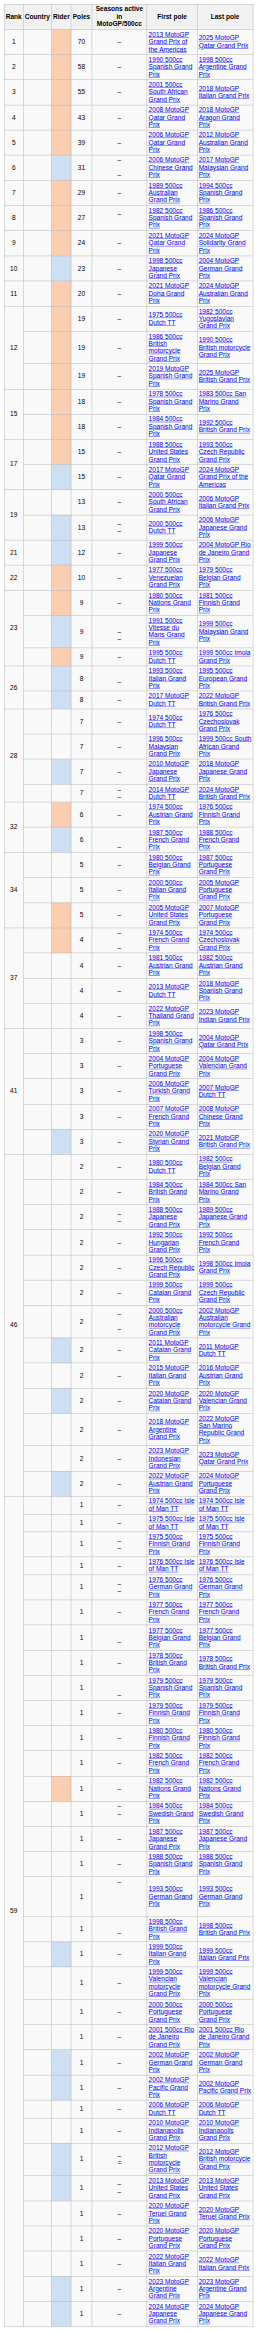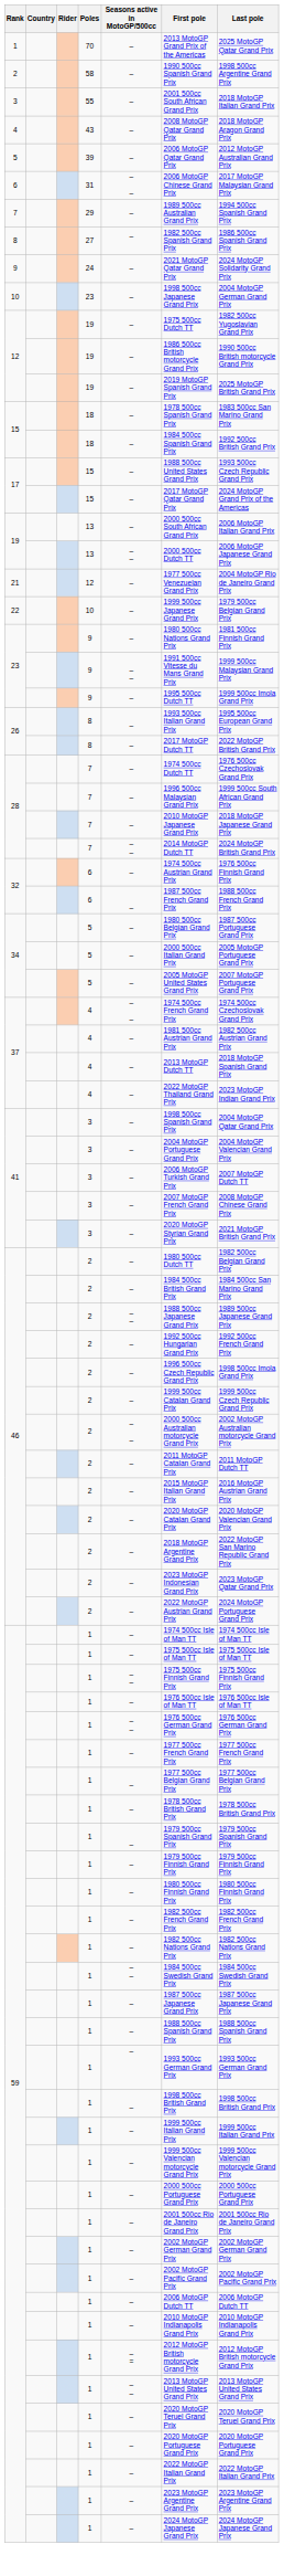 <table class="sortable plainrowheaders wikitable">
 <tr>
 <th scope=col>Rank</th>
 <th scope=col>Country</th>
 <th scope=col>Rider</th>
 <th scope=col>Poles</th>
 <th scope=col>Seasons active in MotoGP/500cc</th>
 <th scope=col>First pole</th>
 <th scope=col>Last pole</th>
 </tr>
 <tr>
 <td align=center>1</td>
 <td></td>
 <td style=background:#FBCEB1><strong></strong></td>
 <td align=center>70</td>
 <td align=center>–</td>
 <td data-sort-value="201302"><a href='#'>2013 MotoGP Grand Prix of the Americas</a></td>
 <td data-sort-value="202504"><a href='#'>2025 MotoGP Qatar Grand Prix</a></td>
 </tr>
 <tr>
 <td align=center>2</td>
 <td></td>
 <td style=background:#FBCEB1></td>
 <td align=center>58</td>
 <td align=center>–</td>
 <td data-sort-value="199003"><a href='#'>1990 500cc Spanish Grand Prix</a></td>
 <td data-sort-value="199814"><a href='#'>1998 500cc Argentine Grand Prix</a></td>
 </tr>
 <tr>
 <td align=center>3</td>
 <td></td>
 <td style=background:#FBCEB1></td>
 <td align=center>55</td>
 <td align=center>–</td>
 <td data-sort-value="200102"><a href='#'>2001 500cc South African Grand Prix</a></td>
 <td data-sort-value="201806"><a href='#'>2018 MotoGP Italian Grand Prix</a></td>
 </tr>
 <tr>
 <td align=center>4</td>
 <td></td>
 <td style=background:#FBCEB1></td>
 <td align=center>43</td>
 <td align=center>–</td>
 <td data-sort-value="200801"><a href='#'>2008 MotoGP Qatar Grand Prix</a></td>
 <td data-sort-value="201814"><a href='#'>2018 MotoGP Aragon Grand Prix</a></td>
 </tr>
 <tr>
 <td align=center>5</td>
 <td></td>
 <td style=background:#FBCEB1></td>
 <td align=center>39</td>
 <td align=center>–</td>
 <td data-sort-value="200602"><a href='#'>2006 MotoGP Qatar Grand Prix</a></td>
 <td data-sort-value="201217"><a href='#'>2012 MotoGP Australian Grand Prix</a></td>
 </tr>
 <tr>
 <td align=center>6</td>
 <td></td>
 <td style=background:#CEDFF2></td>
 <td align=center>31</td>
 <td align=center>–<br><br>–</td>
 <td data-sort-value="200604"><a href='#'>2006 MotoGP Chinese Grand Prix</a></td>
 <td data-sort-value="201717"><a href='#'>2017 MotoGP Malaysian Grand Prix</a></td>
 </tr>
 <tr>
 <td align=center>7</td>
 <td></td>
 <td style=background:#FBCEB1></td>
 <td align=center>29</td>
 <td align=center>–</td>
 <td data-sort-value="198902"><a href='#'>1989 500cc Australian Grand Prix</a></td>
 <td data-sort-value="199404"><a href='#'>1994 500cc Spanish Grand Prix</a></td>
 </tr>
 <tr>
 <td align=center>8</td>
 <td></td>
 <td style=background:#FBCEB1></td>
 <td align=center>27</td>
 <td align=center>–<br><br></td>
 <td data-sort-value="198204"><a href='#'>1982 500cc Spanish Grand Prix</a></td>
 <td data-sort-value="198601"><a href='#'>1986 500cc Spanish Grand Prix</a></td>
 </tr>
 <tr>
 <td align=center>9</td>
 <td></td>
 <td style=background:#FBCEB1><strong></strong></td>
 <td align=center>24</td>
 <td align=center>–</td>
 <td data-sort-value="202101"><a href='#'>2021 MotoGP Qatar Grand Prix</a></td>
 <td data-sort-value="202420"><a href='#'>2024 MotoGP Solidarity Grand Prix</a></td>
 </tr>
 <tr>
 <td align=center>10</td>
 <td></td>
 <td style=background:#CEDFF2></td>
 <td align=center>23</td>
 <td align=center>–</td>
 <td data-sort-value="199801"><a href='#'>1998 500cc Japanese Grand Prix</a></td>
 <td data-sort-value="200408"><a href='#'>2004 MotoGP German Grand Prix</a></td>
 </tr>
 <tr>
-<td align=center>11</td>
-<td></td>
-<td style=background:#FBCEB1><strong></strong></td>
-<td align=center>20</td>
-<td align=center>–</td>
-<td data-sort-value="202102"><a href='#'>2021 MotoGP Doha Grand Prix</a></td>
-<td data-sort-value="202417"><a href='#'>2024 MotoGP Australian Grand Prix</a></td>
-</tr>
-<tr>
 <td rowspan=3 align="center">12</td>
 <td></td>
 <td style=background:#FBCEB1></td>
 <td align=center>19</td>
 <td align=center>–</td>
 <td data-sort-value="197506"><a href='#'>1975 500cc Dutch TT</a></td>
 <td data-sort-value="198208"><a href='#'>1982 500cc Yugoslavian Grand Prix</a></td>
 </tr>
 <tr>
 <td></td>
 <td style=background:#FBCEB1></td>
 <td align=center>19</td>
 <td align=center>–</td>
 <td data-sort-value="198609"><a href='#'>1986 500cc British motorcycle Grand Prix</a></td>
 <td data-sort-value="199011"><a href='#'>1990 500cc British motorcycle Grand Prix</a></td>
 </tr>
 <tr>
 <td></td>
 <td style=background:#FBCEB1><strong></strong></td>
 <td align=center>19</td>
 <td align=center>–</td>
 <td data-sort-value="201904"><a href='#'>2019 MotoGP Spanish Grand Prix</a></td>
 <td data-sort-value="202507"><a href='#'>2025 MotoGP British Grand Prix</a></td>
 </tr>
 <tr>
 <td rowspan=2 align="center">15</td>
 <td></td>
 <td style=background:#FBCEB1></td>
 <td align=center>18</td>
 <td align=center>–</td>
 <td data-sort-value="197802"><a href='#'>1978 500cc Spanish Grand Prix</a></td>
 <td data-sort-value="198312"><a href='#'>1983 500cc San Marino Grand Prix</a></td>
 </tr>
 <tr>
 <td></td>
 <td style=background:#FBCEB1></td>
 <td align=center>18</td>
 <td align=center>–</td>
 <td data-sort-value="198403"><a href='#'>1984 500cc Spanish Grand Prix</a></td>
 <td data-sort-value="199211"><a href='#'>1992 500cc British Grand Prix</a></td>
 </tr>
 <tr>
 <td rowspan=2 align=center>17</td>
 <td></td>
 <td style=background:#FBCEB1></td>
 <td align=center>15</td>
 <td align=center>–</td>
 <td data-sort-value="198802"><a href='#'>1988 500cc United States Grand Prix</a></td>
 <td data-sort-value="199311"><a href='#'>1993 500cc Czech Republic Grand Prix</a></td>
 </tr>
 <tr>
 <td></td>
 <td style=background:#CEDFF2><strong></strong></td>
 <td align=center>15</td>
 <td align=center>–</td>
 <td data-sort-value="201701"><a href='#'>2017 MotoGP Qatar Grand Prix</a></td>
 <td data-sort-value="202403"><a href='#'>2024 MotoGP Grand Prix of the Americas</a></td>
 </tr>
 <tr>
 <td rowspan="2" align="center">19</td>
 <td></td>
 <td></td>
 <td align=center>13</td>
 <td align=center>–<br></td>
 <td data-sort-value="200001"><a href='#'>2000 500cc South African Grand Prix</a></td>
 <td data-sort-value="200606"><a href='#'>2006 MotoGP Italian Grand Prix</a></td>
 </tr>
 <tr>
 <td></td>
 <td style=background:#CEDFF2></td>
 <td align=center>13</td>
 <td align=center>–<br>–</td>
 <td data-sort-value="200008"><a href='#'>2000 500cc Dutch TT</a></td>
 <td data-sort-value="200615"><a href='#'>2006 MotoGP Japanese Grand Prix</a></td>
 </tr>
 <tr>
 <td align=center>21</td>
 <td></td>
 <td style=background:#CEDFF2></td>
 <td align=center>12</td>
 <td align=center>–</td>
-<td data-sort-value="199902"><a href='#'>1999 500cc Japanese Grand Prix</a></td>
+<td data-sort-value="197701"><a href='#'>1977 500cc Venezuelan Grand Prix</a></td>
 <td data-sort-value="200407"><a href='#'>2004 MotoGP Rio de Janeiro Grand Prix</a></td>
 </tr>
 <tr>
 <td align=center>22</td>
 <td></td>
 <td style=background:#FBCEB1></td>
 <td align=center>10</td>
 <td align=center>–</td>
-<td data-sort-value="197701"><a href='#'>1977 500cc Venezuelan Grand Prix</a></td>
+<td data-sort-value="199902"><a href='#'>1999 500cc Japanese Grand Prix</a></td>
 <td data-sort-value="197908"><a href='#'>1979 500cc Belgian Grand Prix</a></td>
 </tr>
 <tr>
 <td rowspan="3" align="center">23</td>
 <td></td>
 <td style=background:#FBCEB1></td>
 <td align=center>9</td>
 <td align=center>–</td>
 <td data-sort-value="198001"><a href='#'>1980 500cc Nations Grand Prix</a></td>
 <td data-sort-value="198110"><a href='#'>1981 500cc Finnish Grand Prix</a></td>
 </tr>
 <tr>
 <td></td>
 <td style=background:#CEDFF2></td>
 <td align=center>9</td>
 <td align=center><br>–<br>–</td>
 <td data-sort-value="199114"><a href='#'>1991 500cc Vitesse du Mans Grand Prix</a></td>
 <td data-sort-value="199901"><a href='#'>1999 500cc Malaysian Grand Prix</a></td>
 </tr>
 <tr>
 <td></td>
 <td style=background:#FBCEB1></td>
 <td align=center>9</td>
 <td align=center>–</td>
 <td data-sort-value="199507"><a href='#'>1995 500cc Dutch TT</a></td>
 <td data-sort-value="199911"><a href='#'>1999 500cc Imola Grand Prix</a></td>
 </tr>
 <tr>
 <td rowspan=2 align=center>26</td>
 <td></td>
 <td style=background:#CEDFF2></td>
 <td align=center>8</td>
 <td align=center><br>–</td>
 <td data-sort-value="199312"><a href='#'>1993 500cc Italian Grand Prix</a></td>
 <td data-sort-value="199513"><a href='#'>1995 500cc European Grand Prix</a></td>
 </tr>
 <tr>
 <td></td>
 <td style=background:#CEDFF2><strong></strong></td>
 <td align=center>8</td>
 <td align=center>–</td>
 <td data-sort-value="201708"><a href='#'>2017 MotoGP Dutch TT</a></td>
 <td data-sort-value="202212"><a href='#'>2022 MotoGP British Grand Prix</a></td>
 </tr>
 <tr>
 <td rowspan="4" align="center">28</td>
 <td></td>
 <td></td>
 <td align=center>7</td>
 <td align=center>–</td>
 <td data-sort-value="197406"><a href='#'>1974 500cc Dutch TT</a></td>
 <td data-sort-value="197609"><a href='#'>1976 500cc Czechoslovak Grand Prix</a></td>
 </tr>
 <tr>
 <td></td>
 <td></td>
 <td align=center>7</td>
 <td align=center>–<br></td>
 <td data-sort-value="199601"><a href='#'>1996 500cc Malaysian Grand Prix</a></td>
 <td data-sort-value="199914"><a href='#'>1999 500cc South African Grand Prix</a></td>
 </tr>
 <tr>
 <td></td>
 <td style=background:#CEDFF2></td>
 <td align=center>7</td>
 <td align=center>–</td>
 <td data-sort-value="201014"><a href='#'>2010 MotoGP Japanese Grand Prix</a></td>
 <td data-sort-value="201816"><a href='#'>2018 MotoGP Japanese Grand Prix</a></td>
 </tr>
 <tr>
 <td></td>
 <td></td>
 <td align=center>7</td>
 <td align=center>–<br>–</td>
 <td data-sort-value="201408"><a href='#'>2014 MotoGP Dutch TT</a></td>
 <td data-sort-value="202410"><a href='#'>2024 MotoGP British Grand Prix</a></td>
 </tr>
 <tr>
 <td rowspan="2" align="center">32</td>
 <td></td>
 <td style=background:#FBCEB1></td>
 <td align=center>6</td>
 <td align=center>–</td>
 <td data-sort-value="197402"><a href='#'>1974 500cc Austrian Grand Prix</a></td>
 <td data-sort-value="197606"><a href='#'>1976 500cc Finnish Grand Prix</a></td>
 </tr>
 <tr>
 <td></td>
 <td style=background:#CEDFF2></td>
 <td align=center>6</td>
 <td align=center><br><br>–</td>
 <td data-sort-value="198708"><a href='#'>1987 500cc French Grand Prix</a></td>
 <td data-sort-value="198811"><a href='#'>1988 500cc French Grand Prix</a></td>
 </tr>
 <tr>
 <td rowspan="3" align="center">34</td>
 <td></td>
 <td></td>
 <td align=center>5</td>
 <td align=center>–<br></td>
 <td data-sort-value="198005"><a href='#'>1980 500cc Belgian Grand Prix</a></td>
 <td data-sort-value="198713"><a href='#'>1987 500cc Portuguese Grand Prix</a></td>
 </tr>
 <tr>
 <td></td>
 <td></td>
 <td align=center>5</td>
 <td align=center>–<br></td>
 <td data-sort-value="200006"><a href='#'>2000 500cc Italian Grand Prix</a></td>
 <td data-sort-value="200502"><a href='#'>2005 MotoGP Portuguese Grand Prix</a></td>
 </tr>
 <tr>
 <td></td>
 <td style=background:#FBCEB1></td>
 <td align=center>5</td>
 <td align=center>–</td>
 <td data-sort-value="200508"><a href='#'>2005 MotoGP United States Grand Prix</a></td>
 <td data-sort-value="200714"><a href='#'>2007 MotoGP Portuguese Grand Prix</a></td>
 </tr>
 <tr>
 <td rowspan="4" align="center">37</td>
 <td></td>
 <td style=background:#FBCEB1></td>
 <td align=center>4</td>
 <td align=center>–<br><br>–</td>
 <td data-sort-value="197401"><a href='#'>1974 500cc French Grand Prix</a></td>
 <td data-sort-value="197410"><a href='#'>1974 500cc Czechoslovak Grand Prix</a></td>
 </tr>
 <tr>
 <td></td>
 <td></td>
 <td align=center>4</td>
 <td align=center>–</td>
 <td data-sort-value="198101"><a href='#'>1981 500cc Austrian Grand Prix</a></td>
 <td data-sort-value="198202"><a href='#'>1982 500cc Austrian Grand Prix</a></td>
 </tr>
 <tr>
 <td></td>
 <td></td>
 <td align=center>4</td>
 <td align=center>–</td>
 <td data-sort-value="201307"><a href='#'>2013 MotoGP Dutch TT</a></td>
 <td data-sort-value="201804"><a href='#'>2018 MotoGP Spanish Grand Prix</a></td>
 </tr>
 <tr>
 <td></td>
 <td><strong></strong></td>
 <td align=center>4</td>
 <td align=center>–</td>
 <td data-sort-value="202217"><a href='#'>2022 MotoGP Thailand Grand Prix</a></td>
 <td data-sort-value="202313"><a href='#'>2023 MotoGP Indian Grand Prix</a></td>
 </tr>
 <tr>
 <td rowspan="5" align="center">41</td>
 <td></td>
 <td></td>
 <td align=center>3</td>
 <td align=center>–<br></td>
 <td data-sort-value="199803"><a href='#'>1998 500cc Spanish Grand Prix</a></td>
 <td data-sort-value="200413"><a href='#'>2004 MotoGP Qatar Grand Prix</a></td>
 </tr>
 <tr>
 <td></td>
 <td></td>
 <td align=center>3</td>
 <td align=center>–</td>
 <td data-sort-value="200411"><a href='#'>2004 MotoGP Portuguese Grand Prix</a></td>
 <td data-sort-value="200416"><a href='#'>2004 MotoGP Valencian Grand Prix</a></td>
 </tr>
 <tr>
 <td></td>
 <td></td>
 <td align=center>3</td>
 <td align=center>–<br></td>
 <td data-sort-value="200603"><a href='#'>2006 MotoGP Turkish Grand Prix</a></td>
 <td data-sort-value="200709"><a href='#'>2007 MotoGP Dutch TT</a></td>
 </tr>
 <tr>
 <td></td>
 <td></td>
 <td align=center>3</td>
 <td align=center>–</td>
 <td data-sort-value="200705"><a href='#'>2007 MotoGP French Grand Prix</a></td>
 <td data-sort-value="200804"><a href='#'>2008 MotoGP Chinese Grand Prix</a></td>
 </tr>
 <tr>
 <td></td>
 <td style=background:#CEDFF2></td>
 <td align=center>3</td>
 <td align=center>–</td>
 <td data-sort-value="202005"><a href='#'>2020 MotoGP Styrian Grand Prix</a></td>
 <td data-sort-value="202112"><a href='#'>2021 MotoGP British Grand Prix</a></td>
 </tr>
 <tr>
 <td rowspan="13" align="center">46</td>
 <td></td>
 <td></td>
 <td align=center>2</td>
 <td align=center>–</td>
 <td data-sort-value="198004"><a href='#'>1980 500cc Dutch TT</a></td>
 <td data-sort-value="198207"><a href='#'>1982 500cc Belgian Grand Prix</a></td>
 </tr>
 <tr>
 <td></td>
 <td></td>
 <td align=center>2</td>
 <td align=center>–</td>
 <td data-sort-value="198410"><a href='#'>1984 500cc British Grand Prix</a></td>
 <td data-sort-value="198412"><a href='#'>1984 500cc San Marino Grand Prix</a></td>
 </tr>
 <tr>
 <td></td>
 <td></td>
 <td align=center>2</td>
 <td align=center>–<br>–</td>
 <td data-sort-value="198801"><a href='#'>1988 500cc Japanese Grand Prix</a></td>
 <td data-sort-value="198901"><a href='#'>1989 500cc Japanese Grand Prix</a></td>
 </tr>
 <tr>
 <td></td>
 <td></td>
 <td align=center>2</td>
 <td align=center>–</td>
 <td data-sort-value="199209"><a href='#'>1992 500cc Hungarian Grand Prix</a></td>
 <td data-sort-value="199210"><a href='#'>1992 500cc French Grand Prix</a></td>
 </tr>
 <tr>
 <td></td>
 <td></td>
 <td align=center>2</td>
 <td align=center>–<br></td>
 <td data-sort-value="199611"><a href='#'>1996 500cc Czech Republic Grand Prix</a></td>
 <td data-sort-value="199811"><a href='#'>1998 500cc Imola Grand Prix</a></td>
 </tr>
 <tr>
 <td></td>
 <td nowrap></td>
 <td align=center>2</td>
 <td align=center>–<br></td>
 <td data-sort-value="199906"><a href='#'>1999 500cc Catalan Grand Prix</a></td>
 <td data-sort-value="199910"><a href='#'>1999 500cc Czech Republic Grand Prix</a></td>
 </tr>
 <tr>
 <td></td>
 <td></td>
 <td align=center>2</td>
 <td align=center>–<br><br>–<br></td>
 <td data-sort-value="200016"><a href='#'>2000 500cc Australian motorcycle Grand Prix</a></td>
 <td data-sort-value="200215"><a href='#'>2002 MotoGP Australian motorcycle Grand Prix</a></td>
 </tr>
 <tr>
 <td></td>
 <td style=background:#CEDFF2></td>
 <td align=center>2</td>
 <td align=center>–</td>
 <td data-sort-value="201105"><a href='#'>2011 MotoGP Catalan Grand Prix</a></td>
 <td data-sort-value="201107"><a href='#'>2011 MotoGP Dutch TT</a></td>
 </tr>
 <tr>
 <td></td>
 <td></td>
 <td align=center>2</td>
 <td align=center>–</td>
 <td data-sort-value="201506"><a href='#'>2015 MotoGP Italian Grand Prix</a></td>
 <td data-sort-value="201610"><a href='#'>2016 MotoGP Austrian Grand Prix</a></td>
 </tr>
 <tr>
 <td></td>
 <td style=background:#CEDFF2><strong></strong></td>
 <td align=center>2</td>
 <td align=center>–</td>
 <td data-sort-value="202008"><a href='#'>2020 MotoGP Catalan Grand Prix</a></td>
 <td data-sort-value="202013"><a href='#'>2020 MotoGP Valencian Grand Prix</a></td>
 </tr>
 <tr>
 <td></td>
 <td><strong></strong></td>
 <td align=center>2</td>
 <td align=center>–</td>
 <td data-sort-value="201802"><a href='#'>2018 MotoGP Argentine Grand Prix</a></td>
 <td data-sort-value="202214"><a href='#'>2022 MotoGP San Marino Republic Grand Prix</a></td>
 </tr>
 <tr>
 <td></td>
 <td><strong></strong></td>
 <td align=center>2</td>
 <td align=center>–</td>
 <td data-sort-value="202315"><a href='#'>2023 MotoGP Indonesian Grand Prix</a></td>
 <td data-sort-value="202319"><a href='#'>2023 MotoGP Qatar Grand Prix</a></td>
 </tr>
 <tr>
 <td></td>
 <td style=background:#CEDFF2><strong></strong></td>
 <td align=center>2</td>
 <td align=center>–</td>
 <td data-sort-value="202213"><a href='#'>2022 MotoGP Austrian Grand Prix</a></td>
 <td data-sort-value="202402"><a href='#'>2024 MotoGP Portuguese Grand Prix</a></td>
 </tr>
 <tr>
 <td rowspan=33 align="center">59</td>
 <td></td>
 <td></td>
 <td align=center>1</td>
 <td align=center>–</td>
 <td data-sort-value="197405"><a href='#'>1974 500cc Isle of Man TT</a></td>
 <td data-sort-value="197405"><a href='#'>1974 500cc Isle of Man TT</a></td>
 </tr>
 <tr>
 <td></td>
 <td></td>
 <td align=center>1</td>
 <td align=center>–</td>
 <td data-sort-value="197505"><a href='#'>1975 500cc Isle of Man TT</a></td>
 <td data-sort-value="197505"><a href='#'>1975 500cc Isle of Man TT</a></td>
 </tr>
 <tr>
 <td></td>
 <td></td>
 <td align=center>1</td>
 <td align=center>–<br>–<br></td>
 <td data-sort-value="197509"><a href='#'>1975 500cc Finnish Grand Prix</a></td>
 <td data-sort-value="197509"><a href='#'>1975 500cc Finnish Grand Prix</a></td>
 </tr>
 <tr>
 <td></td>
 <td></td>
 <td align=center>1</td>
 <td align=center>–</td>
 <td data-sort-value="197604"><a href='#'>1976 500cc Isle of Man TT</a></td>
 <td data-sort-value="197604"><a href='#'>1976 500cc Isle of Man TT</a></td>
 </tr>
 <tr>
 <td></td>
 <td></td>
 <td align=center>1</td>
 <td align=center>–<br>–</td>
 <td data-sort-value="197610"><a href='#'>1976 500cc German Grand Prix</a></td>
 <td data-sort-value="197610"><a href='#'>1976 500cc German Grand Prix</a></td>
 </tr>
 <tr>
 <td></td>
 <td></td>
 <td align=center>1</td>
 <td align=center>–</td>
 <td data-sort-value="197705"><a href='#'>1977 500cc French Grand Prix</a></td>
 <td data-sort-value="197705"><a href='#'>1977 500cc French Grand Prix</a></td>
 </tr>
 <tr>
 <td></td>
 <td></td>
 <td align=center>1</td>
 <td align=center><br>–</td>
 <td data-sort-value="197707"><a href='#'>1977 500cc Belgian Grand Prix</a></td>
 <td data-sort-value="197707"><a href='#'>1977 500cc Belgian Grand Prix</a></td>
 </tr>
 <tr>
 <td></td>
 <td></td>
 <td align=center>1</td>
 <td align=center>–</td>
 <td data-sort-value="197810"><a href='#'>1978 500cc British Grand Prix</a></td>
 <td data-sort-value="197810"><a href='#'>1978 500cc British Grand Prix</a></td>
 </tr>
 <tr>
 <td></td>
 <td></td>
 <td align=center>1</td>
 <td align=center><br><br>–</td>
 <td data-sort-value="197905"><a href='#'>1979 500cc Spanish Grand Prix</a></td>
 <td data-sort-value="197905"><a href='#'>1979 500cc Spanish Grand Prix</a></td>
 </tr>
 <tr>
 <td></td>
 <td></td>
 <td align=center>1</td>
 <td align=center>–</td>
 <td data-sort-value="197910"><a href='#'>1979 500cc Finnish Grand Prix</a></td>
 <td data-sort-value="197910"><a href='#'>1979 500cc Finnish Grand Prix</a></td>
 </tr>
 <tr>
 <td></td>
 <td></td>
 <td align=center>1</td>
 <td align=center>–</td>
 <td data-sort-value="198006"><a href='#'>1980 500cc Finnish Grand Prix</a></td>
 <td data-sort-value="198006"><a href='#'>1980 500cc Finnish Grand Prix</a></td>
 </tr>
 <tr>
 <td></td>
 <td></td>
 <td align=center>1</td>
 <td align=center>–</td>
 <td data-sort-value="198203"><a href='#'>1982 500cc French Grand Prix</a></td>
 <td data-sort-value="198203"><a href='#'>1982 500cc French Grand Prix</a></td>
 </tr>
 <tr>
 <td></td>
 <td style=background:#FBCEB1></td>
 <td align=center>1</td>
 <td align=center>–</td>
 <td data-sort-value="198205"><a href='#'>1982 500cc Nations Grand Prix</a></td>
 <td data-sort-value="198205"><a href='#'>1982 500cc Nations Grand Prix</a></td>
 </tr>
 <tr>
 <td></td>
 <td></td>
 <td align=center>1</td>
 <td align=center>–<br>–<br><br></td>
 <td data-sort-value="198411"><a href='#'>1984 500cc Swedish Grand Prix</a></td>
 <td data-sort-value="198411"><a href='#'>1984 500cc Swedish Grand Prix</a></td>
 </tr>
 <tr>
 <td></td>
 <td></td>
 <td align=center>1</td>
 <td align=center>–</td>
 <td data-sort-value="198701"><a href='#'>1987 500cc Japanese Grand Prix</a></td>
 <td data-sort-value="198701"><a href='#'>1987 500cc Japanese Grand Prix</a></td>
 </tr>
 <tr>
 <td></td>
 <td></td>
 <td align=center>1</td>
 <td align=center>–<br></td>
 <td data-sort-value="198803"><a href='#'>1988 500cc Spanish Grand Prix</a></td>
 <td data-sort-value="198803"><a href='#'>1988 500cc Spanish Grand Prix</a></td>
 </tr>
 <tr>
 <td></td>
 <td></td>
 <td align=center>1</td>
 <td align=center>–<br><br><br><br><br></td>
 <td data-sort-value="199306"><a href='#'>1993 500cc German Grand Prix</a></td>
 <td data-sort-value="199306"><a href='#'>1993 500cc German Grand Prix</a></td>
 </tr>
 <tr>
 <td></td>
 <td></td>
 <td align=center>1</td>
 <td align=center><br>–</td>
 <td data-sort-value="199808"><a href='#'>1998 500cc British Grand Prix</a></td>
 <td data-sort-value="198808"><a href='#'>1998 500cc British Grand Prix</a></td>
 </tr>
 <tr>
 <td></td>
 <td style=background:#CEDFF2></td>
 <td align=center>1</td>
 <td align=center>–<br></td>
 <td data-sort-value="199905"><a href='#'>1999 500cc Italian Grand Prix</a></td>
 <td data-sort-value="199905"><a href='#'>1999 500cc Italian Grand Prix</a></td>
 </tr>
 <tr>
 <td></td>
 <td></td>
 <td align=center>1</td>
 <td align=center>–<br></td>
 <td data-sort-value="199912"><a href='#'>1999 500cc Valencian motorcycle Grand Prix</a></td>
 <td data-sort-value="199912"><a href='#'>1999 500cc Valencian motorcycle Grand Prix</a></td>
 </tr>
 <tr>
 <td></td>
 <td></td>
 <td align=center>1</td>
 <td align=center>–<br></td>
 <td data-sort-value="200012"><a href='#'>2000 500cc Portuguese Grand Prix</a></td>
 <td data-sort-value="200012"><a href='#'>2000 500cc Portuguese Grand Prix</a></td>
 </tr>
 <tr>
 <td></td>
 <td></td>
 <td align=center>1</td>
 <td align=center>–</td>
 <td data-sort-value="200116"><a href='#'>2001 500cc Rio de Janeiro Grand Prix</a></td>
 <td data-sort-value="200116"><a href='#'>2001 500cc Rio de Janeiro Grand Prix</a></td>
 </tr>
 <tr>
 <td></td>
 <td style=background:#CEDFF2></td>
 <td align=center>1</td>
 <td align=center>–<br></td>
 <td data-sort-value="200209"><a href='#'>2002 MotoGP German Grand Prix</a></td>
 <td data-sort-value="200209"><a href='#'>2002 MotoGP German Grand Prix</a></td>
 </tr>
 <tr>
 <td></td>
 <td style=background:#CEDFF2></td>
 <td align=center>1</td>
 <td align=center>–</td>
 <td data-sort-value="200213"><a href='#'>2002 MotoGP Pacific Grand Prix</a></td>
 <td data-sort-value="200213"><a href='#'>2002 MotoGP Pacific Grand Prix</a></td>
 </tr>
 <tr>
 <td></td>
 <td></td>
 <td align=center>1</td>
 <td align=center>–<br></td>
 <td data-sort-value="200608"><a href='#'>2006 MotoGP Dutch TT</a></td>
 <td data-sort-value="200608"><a href='#'>2006 MotoGP Dutch TT</a></td>
 </tr>
 <tr>
 <td></td>
 <td></td>
 <td align=center>1</td>
 <td align=center>–</td>
 <td data-sort-value="201011"><a href='#'>2010 MotoGP Indianapolis Grand Prix</a></td>
 <td data-sort-value="201011"><a href='#'>2010 MotoGP Indianapolis Grand Prix</a></td>
 </tr>
 <tr>
 <td></td>
 <td style=background:#CEDFF2></td>
 <td align=center>1</td>
 <td align=center>–<br>=</td>
 <td data-sort-value="201206"><a href='#'>2012 MotoGP British motorcycle Grand Prix</a></td>
 <td data-sort-value="201206"><a href='#'>2012 MotoGP British motorcycle Grand Prix</a></td>
 </tr>
 <tr>
 <td></td>
 <td style=background:#CEDFF2></td>
 <td align=center>1</td>
 <td align=center>–<br>–</td>
 <td data-sort-value="201319"><a href='#'>2013 MotoGP United States Grand Prix</a></td>
 <td data-sort-value="201309"><a href='#'>2013 MotoGP United States Grand Prix</a></td>
 </tr>
 <tr>
 <td></td>
 <td></td>
 <td align=center>1</td>
 <td align=center>–</td>
 <td data-sort-value="202011"><a href='#'>2020 MotoGP Teruel Grand Prix</a></td>
 <td data-sort-value="202011"><a href='#'>2020 MotoGP Teruel Grand Prix</a></td>
 </tr>
 <tr>
 <td></td>
 <td><strong></strong></td>
 <td align=center>1</td>
 <td align=center>–</td>
 <td data-sort-value="202014"><a href='#'>2020 MotoGP Portuguese Grand Prix</a></td>
 <td data-sort-value="202014"><a href='#'>2020 MotoGP Portuguese Grand Prix</a></td>
 </tr>
 <tr>
 <td></td>
 <td><strong></strong></td>
 <td align=center>1</td>
 <td align=center>–</td>
 <td data-sort-value="202208"><a href='#'>2022 MotoGP Italian Grand Prix</a></td>
 <td data-sort-value="202208"><a href='#'>2022 MotoGP Italian Grand Prix</a></td>
 </tr>
 <tr>
 <td></td>
 <td style=background:#CEDFF2><strong></strong></td>
 <td align=center>1</td>
 <td align=center>–</td>
 <td data-sort-value="202302"><a href='#'>2023 MotoGP Argentine Grand Prix</a></td>
 <td data-sort-value="202302"><a href='#'>2023 MotoGP Argentine Grand Prix</a></td>
 </tr>
 <tr>
 <td></td>
 <td style=background:#CEDFF2><strong></strong></td>
 <td align=center>1</td>
 <td align=center>–</td>
 <td data-sort-value="202416"><a href='#'>2024 MotoGP Japanese Grand Prix</a></td>
 <td data-sort-value="202416"><a href='#'>2024 MotoGP Japanese Grand Prix</a></td>
 </tr>
 </table>
